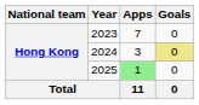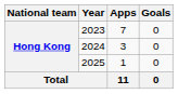 <table class="wikitable" style="text-align:center">
 <tr>
 <th>National team</th>
 <th>Year</th>
 <th>Apps</th>
 <th>Goals</th>
 </tr>
 <tr>
 <th rowspan="3"><a href='#'>Hong Kong</a></th>
 <td>2023</td>
 <td>7</td>
 <td>0</td>
 </tr>
 <tr>
 <td>2024</td>
 <td>3</td>
-<td style="background: khaki;">0</td>
+<td>0</td>
 </tr>
 <tr>
 <td>2025</td>
-<td style="background: lightgreen;">1</td>
+<td>1</td>
 <td>0</td>
 </tr>
 <tr>
 <th colspan="2">Total</th>
 <th>11</th>
 <th>0</th>
 </tr>
 </table>
